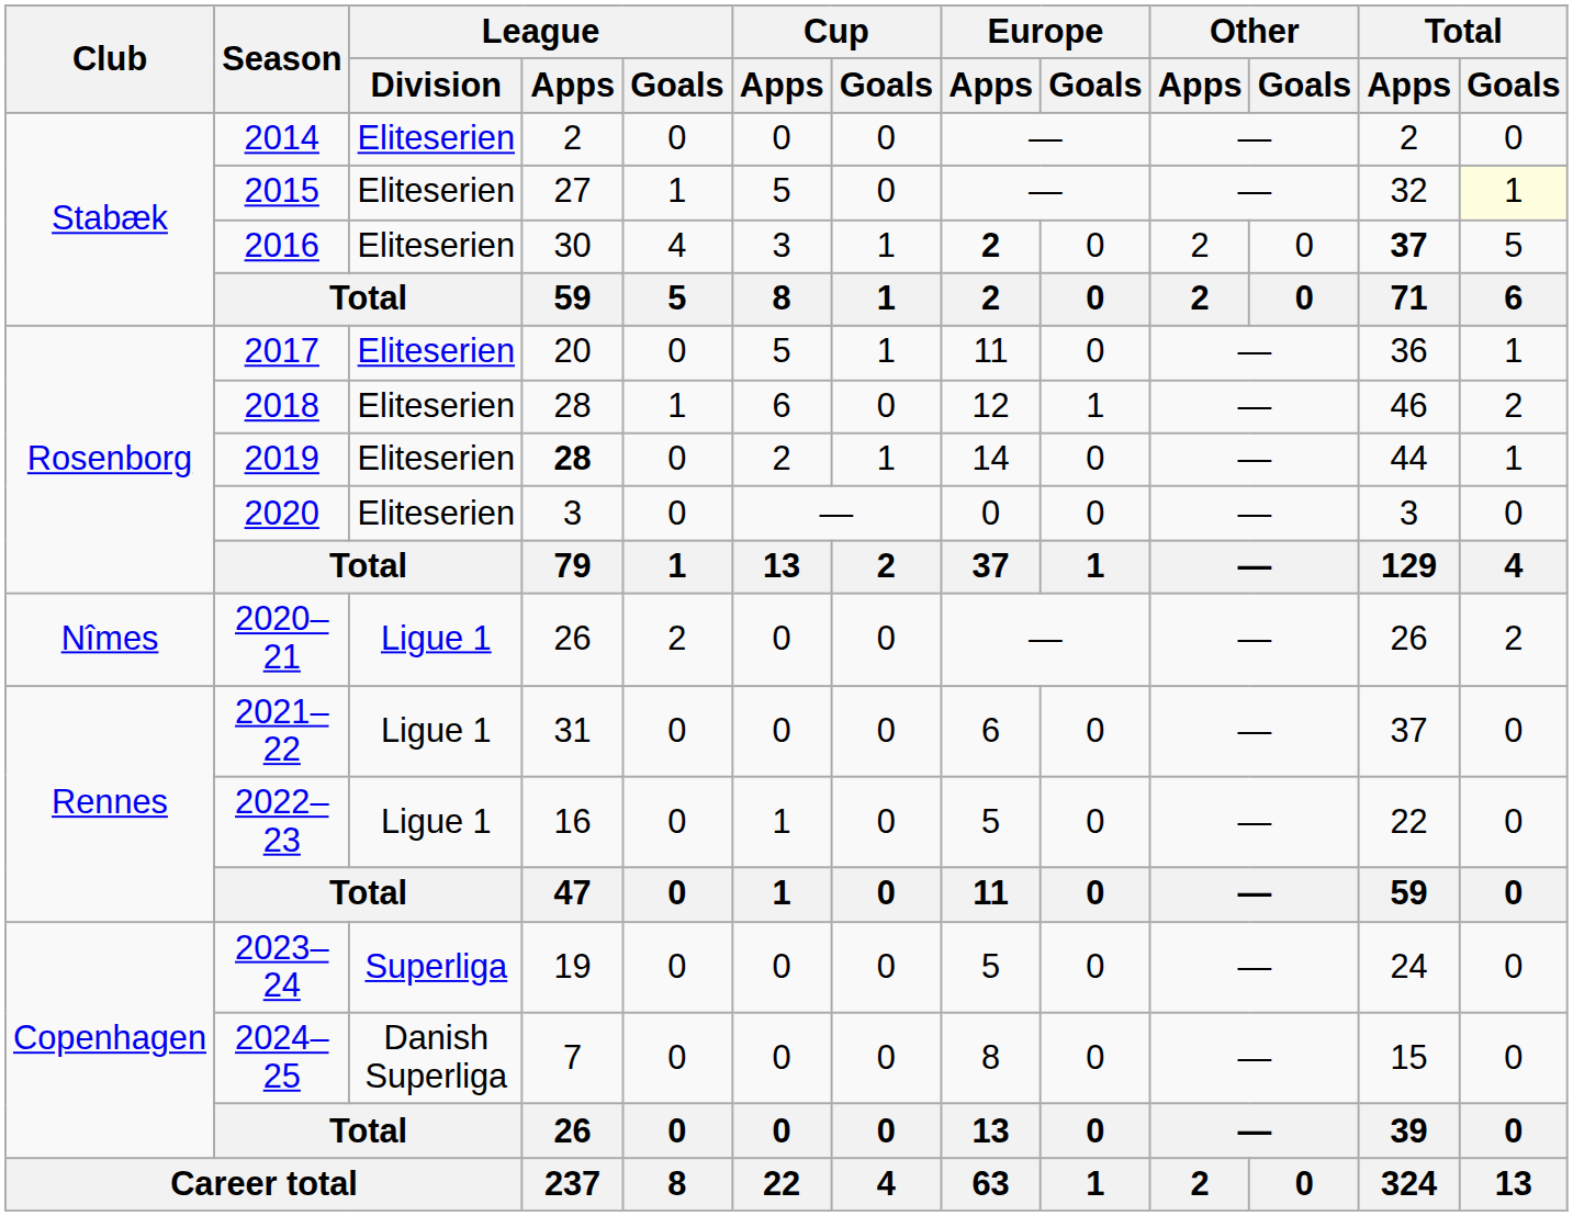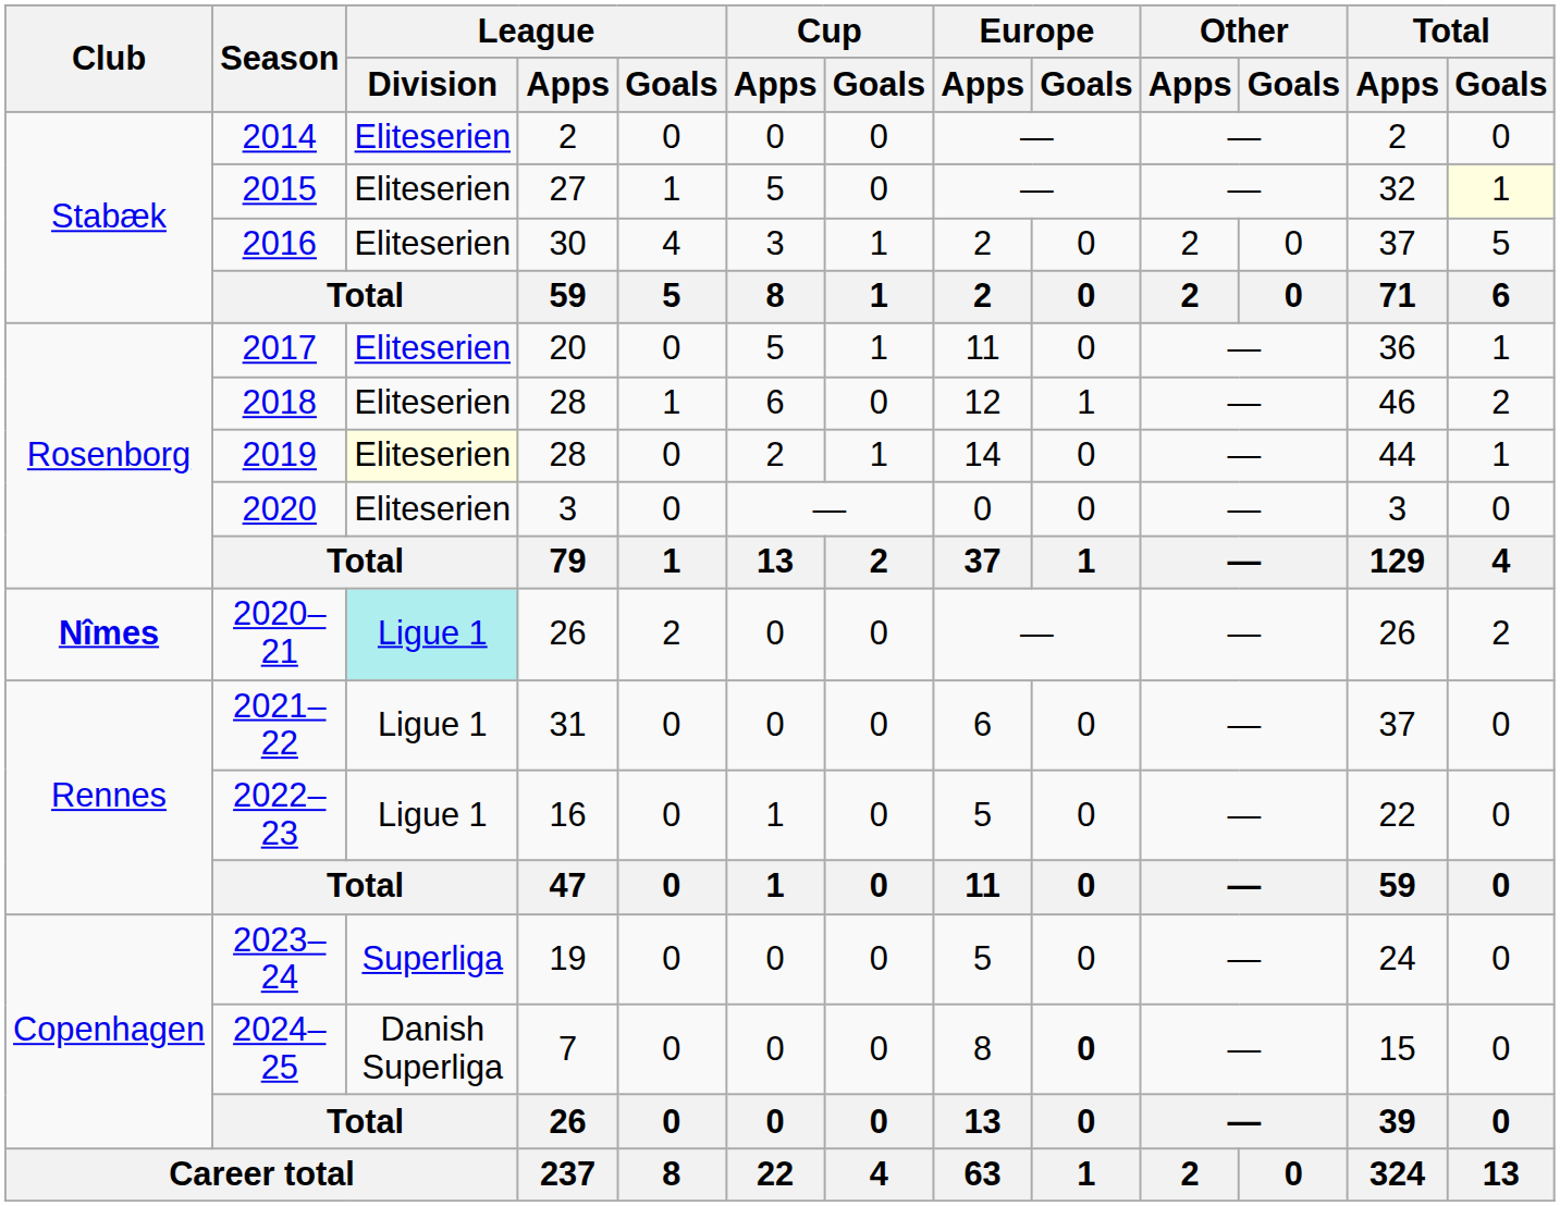 <table class="wikitable" style="text-align:center">
 <tr>
 <th rowspan="2">Club</th>
 <th rowspan="2">Season</th>
 <th colspan="3">League</th>
 <th colspan="2">Cup</th>
 <th colspan="2">Europe</th>
 <th colspan="2">Other</th>
 <th colspan="2">Total</th>
 </tr>
 <tr>
 <th>Division</th>
 <th>Apps</th>
 <th>Goals</th>
 <th>Apps</th>
 <th>Goals</th>
 <th>Apps</th>
 <th>Goals</th>
 <th>Apps</th>
 <th>Goals</th>
 <th>Apps</th>
 <th>Goals</th>
 </tr>
 <tr>
 <td rowspan="4"><a href='#'>Stabæk</a></td>
 <td><a href='#'>2014</a></td>
 <td><a href='#'>Eliteserien</a></td>
 <td>2</td>
 <td>0</td>
 <td>0</td>
 <td>0</td>
 <td colspan="2">—</td>
 <td colspan="2">—</td>
 <td>2</td>
 <td>0</td>
 </tr>
 <tr>
 <td><a href='#'>2015</a></td>
 <td>Eliteserien</td>
 <td>27</td>
 <td>1</td>
 <td>5</td>
 <td>0</td>
 <td colspan="2">—</td>
 <td colspan="2">—</td>
 <td>32</td>
 <td style="background: lightyellow;">1</td>
 </tr>
 <tr>
 <td><a href='#'>2016</a></td>
 <td>Eliteserien</td>
 <td>30</td>
 <td>4</td>
 <td>3</td>
 <td>1</td>
-<td><strong>2</strong></td>
+<td>2</td>
 <td>0</td>
 <td>2</td>
 <td>0</td>
-<td><strong>37</strong></td>
+<td>37</td>
 <td>5</td>
 </tr>
 <tr>
 <th colspan="2">Total</th>
 <th>59</th>
 <th>5</th>
 <th>8</th>
 <th>1</th>
 <th>2</th>
 <th>0</th>
 <th>2</th>
 <th>0</th>
 <th>71</th>
 <th>6</th>
 </tr>
 <tr>
 <td rowspan="5"><a href='#'>Rosenborg</a></td>
 <td><a href='#'>2017</a></td>
 <td><a href='#'>Eliteserien</a></td>
 <td>20</td>
 <td>0</td>
 <td>5</td>
 <td>1</td>
 <td>11</td>
 <td>0</td>
 <td colspan="2">—</td>
 <td>36</td>
 <td>1</td>
 </tr>
 <tr>
 <td><a href='#'>2018</a></td>
 <td>Eliteserien</td>
 <td>28</td>
 <td>1</td>
 <td>6</td>
 <td>0</td>
 <td>12</td>
 <td>1</td>
 <td colspan="2">—</td>
 <td>46</td>
 <td>2</td>
 </tr>
 <tr>
 <td><a href='#'>2019</a></td>
-<td>Eliteserien</td>
-<td><strong>28</strong></td>
+<td style="background: lightyellow;">Eliteserien</td>
+<td>28</td>
 <td>0</td>
 <td>2</td>
 <td>1</td>
 <td>14</td>
 <td>0</td>
 <td colspan="2">—</td>
 <td>44</td>
 <td>1</td>
 </tr>
 <tr>
 <td><a href='#'>2020</a></td>
 <td>Eliteserien</td>
 <td>3</td>
 <td>0</td>
 <td colspan="2">—</td>
 <td>0</td>
 <td>0</td>
 <td colspan="2">—</td>
 <td>3</td>
 <td>0</td>
 </tr>
 <tr>
 <th colspan="2">Total</th>
 <th>79</th>
 <th>1</th>
 <th>13</th>
 <th>2</th>
 <th>37</th>
 <th>1</th>
 <th colspan="2">—</th>
 <th>129</th>
 <th>4</th>
 </tr>
 <tr>
-<td><a href='#'>Nîmes</a></td>
+<td><strong><a href='#'>Nîmes</a></strong></td>
 <td><a href='#'>2020–21</a></td>
-<td><a href='#'>Ligue 1</a></td>
+<td style="background: paleturquoise;"><a href='#'>Ligue 1</a></td>
 <td>26</td>
 <td>2</td>
 <td>0</td>
 <td>0</td>
 <td colspan="2">—</td>
 <td colspan="2">—</td>
 <td>26</td>
 <td>2</td>
 </tr>
 <tr>
 <td rowspan="3"><a href='#'>Rennes</a></td>
 <td><a href='#'>2021–22</a></td>
 <td>Ligue 1</td>
 <td>31</td>
 <td>0</td>
 <td>0</td>
 <td>0</td>
 <td>6</td>
 <td>0</td>
 <td colspan="2">—</td>
 <td>37</td>
 <td>0</td>
 </tr>
 <tr>
 <td><a href='#'>2022–23</a></td>
 <td>Ligue 1</td>
 <td>16</td>
 <td>0</td>
 <td>1</td>
 <td>0</td>
 <td>5</td>
 <td>0</td>
 <td colspan="2">—</td>
 <td>22</td>
 <td>0</td>
 </tr>
 <tr>
 <th colspan="2">Total</th>
 <th>47</th>
 <th>0</th>
 <th>1</th>
 <th>0</th>
 <th>11</th>
 <th>0</th>
 <th colspan="2">—</th>
 <th>59</th>
 <th>0</th>
 </tr>
 <tr>
 <td rowspan="3"><a href='#'>Copenhagen</a></td>
 <td><a href='#'>2023–24</a></td>
 <td><a href='#'>Superliga</a></td>
 <td>19</td>
 <td>0</td>
 <td>0</td>
 <td>0</td>
 <td>5</td>
 <td>0</td>
 <td colspan="2">—</td>
 <td>24</td>
 <td>0</td>
 </tr>
 <tr>
 <td><a href='#'>2024–25</a></td>
 <td>Danish Superliga</td>
 <td>7</td>
 <td>0</td>
 <td>0</td>
 <td>0</td>
 <td>8</td>
-<td>0</td>
+<td><strong>0</strong></td>
 <td colspan="2">—</td>
 <td>15</td>
 <td>0</td>
 </tr>
 <tr>
 <th colspan="2">Total</th>
 <th>26</th>
 <th>0</th>
 <th>0</th>
 <th>0</th>
 <th>13</th>
 <th>0</th>
 <th colspan="2">—</th>
 <th>39</th>
 <th>0</th>
 </tr>
 <tr>
 <th colspan="3">Career total</th>
 <th>237</th>
 <th>8</th>
 <th>22</th>
 <th>4</th>
 <th>63</th>
 <th>1</th>
 <th>2</th>
 <th>0</th>
 <th>324</th>
 <th>13</th>
 </tr>
 </table>
